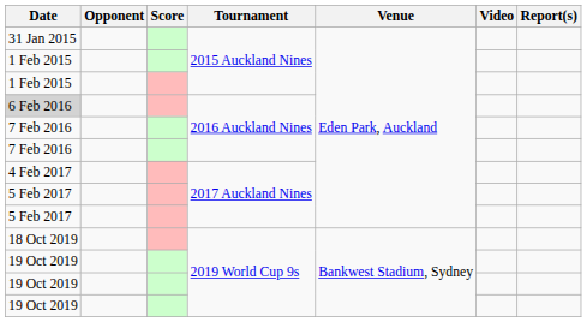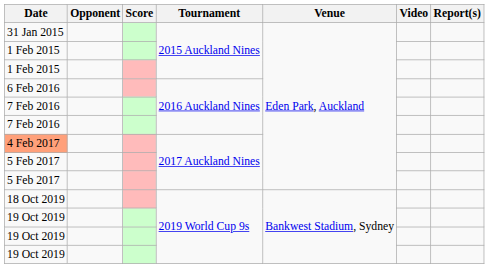 <table class=wikitable>
 <tr>
 <th>Date</th>
 <th>Opponent</th>
 <th>Score</th>
 <th>Tournament</th>
 <th>Venue</th>
 <th>Video</th>
 <th>Report(s)</th>
 </tr>
 <tr>
 <td>31 Jan 2015</td>
 <td></td>
 <td bgcolor="#CCFFCC"></td>
 <td rowspan=3><a href='#'>2015 Auckland Nines</a></td>
 <td rowspan=9> <a href='#'>Eden Park</a>, <a href='#'>Auckland</a></td>
 <td align=center></td>
 <td align=center></td>
 </tr>
 <tr>
 <td>1 Feb 2015</td>
 <td></td>
 <td bgcolor="#CCFFCC"></td>
 <td align=center></td>
 <td align=center></td>
 </tr>
 <tr>
 <td>1 Feb 2015</td>
 <td></td>
 <td bgcolor="#FFBBBB"></td>
 <td align=center></td>
 <td align=center></td>
 </tr>
 <tr>
-<td style="background: lightgrey;">6 Feb 2016</td>
+<td>6 Feb 2016</td>
 <td></td>
 <td bgcolor="#FFBBBB"></td>
 <td rowspan=3><a href='#'>2016 Auckland Nines</a></td>
 <td align=center></td>
 <td align=center></td>
 </tr>
 <tr>
 <td>7 Feb 2016</td>
 <td></td>
 <td bgcolor="#CCFFCC"></td>
 <td align=center></td>
 <td align=center></td>
 </tr>
 <tr>
 <td>7 Feb 2016</td>
 <td></td>
 <td bgcolor="#CCFFCC"></td>
 <td align=center></td>
 <td align=center></td>
 </tr>
 <tr>
-<td>4 Feb 2017</td>
+<td style="background: lightsalmon;">4 Feb 2017</td>
 <td></td>
 <td bgcolor="#FFBBBB"></td>
 <td rowspan=3><a href='#'>2017 Auckland Nines</a></td>
 <td align=center></td>
 <td align=center></td>
 </tr>
 <tr>
 <td>5 Feb 2017</td>
 <td></td>
 <td bgcolor="#FFBBBB"></td>
 <td align=center></td>
 <td align=center></td>
 </tr>
 <tr>
 <td>5 Feb 2017</td>
 <td></td>
 <td bgcolor="#FFBBBB"></td>
 <td align=center></td>
 <td align=center></td>
 </tr>
 <tr>
 <td>18 Oct 2019</td>
 <td></td>
 <td bgcolor="#FFBBBB"></td>
 <td rowspan=4><a href='#'>2019 World Cup 9s</a></td>
 <td rowspan=4> <a href='#'>Bankwest Stadium</a>, Sydney</td>
 <td align=center></td>
 <td align=center></td>
 </tr>
 <tr>
 <td>19 Oct 2019</td>
 <td></td>
 <td bgcolor="#CCFFCC"></td>
 <td align=center></td>
 <td align=center></td>
 </tr>
 <tr>
 <td>19 Oct 2019</td>
 <td></td>
 <td bgcolor="#CCFFCC"></td>
 <td align=center></td>
 <td align=center></td>
 </tr>
 <tr>
 <td>19 Oct 2019</td>
 <td></td>
 <td bgcolor="#CCFFCC"></td>
 <td align=center></td>
 <td align=center></td>
 </tr>
 </table>
